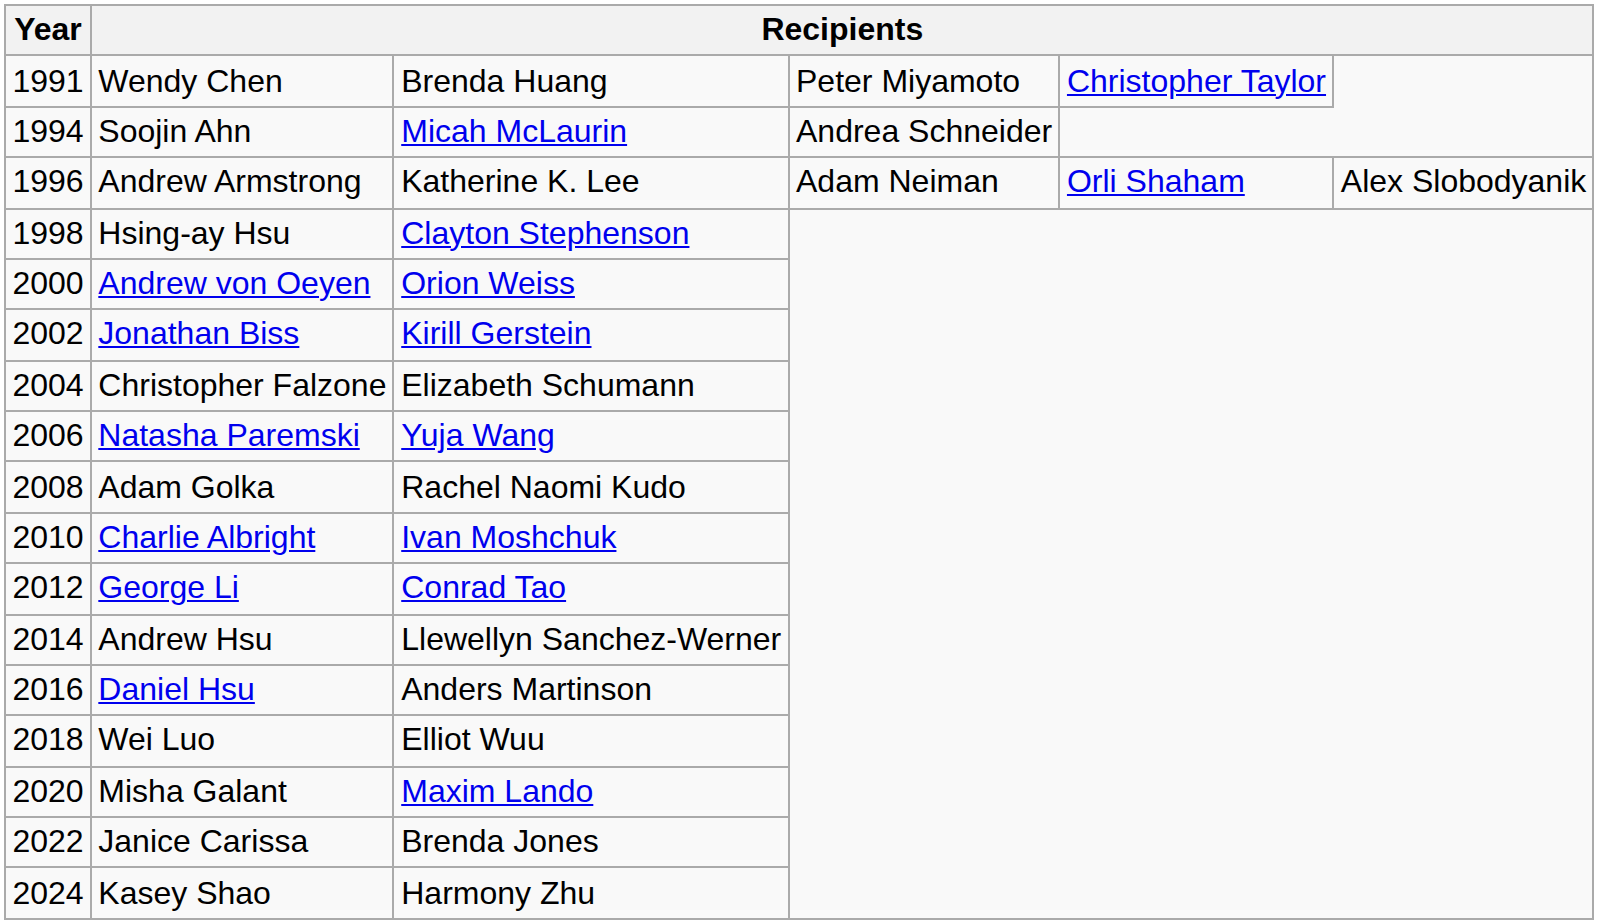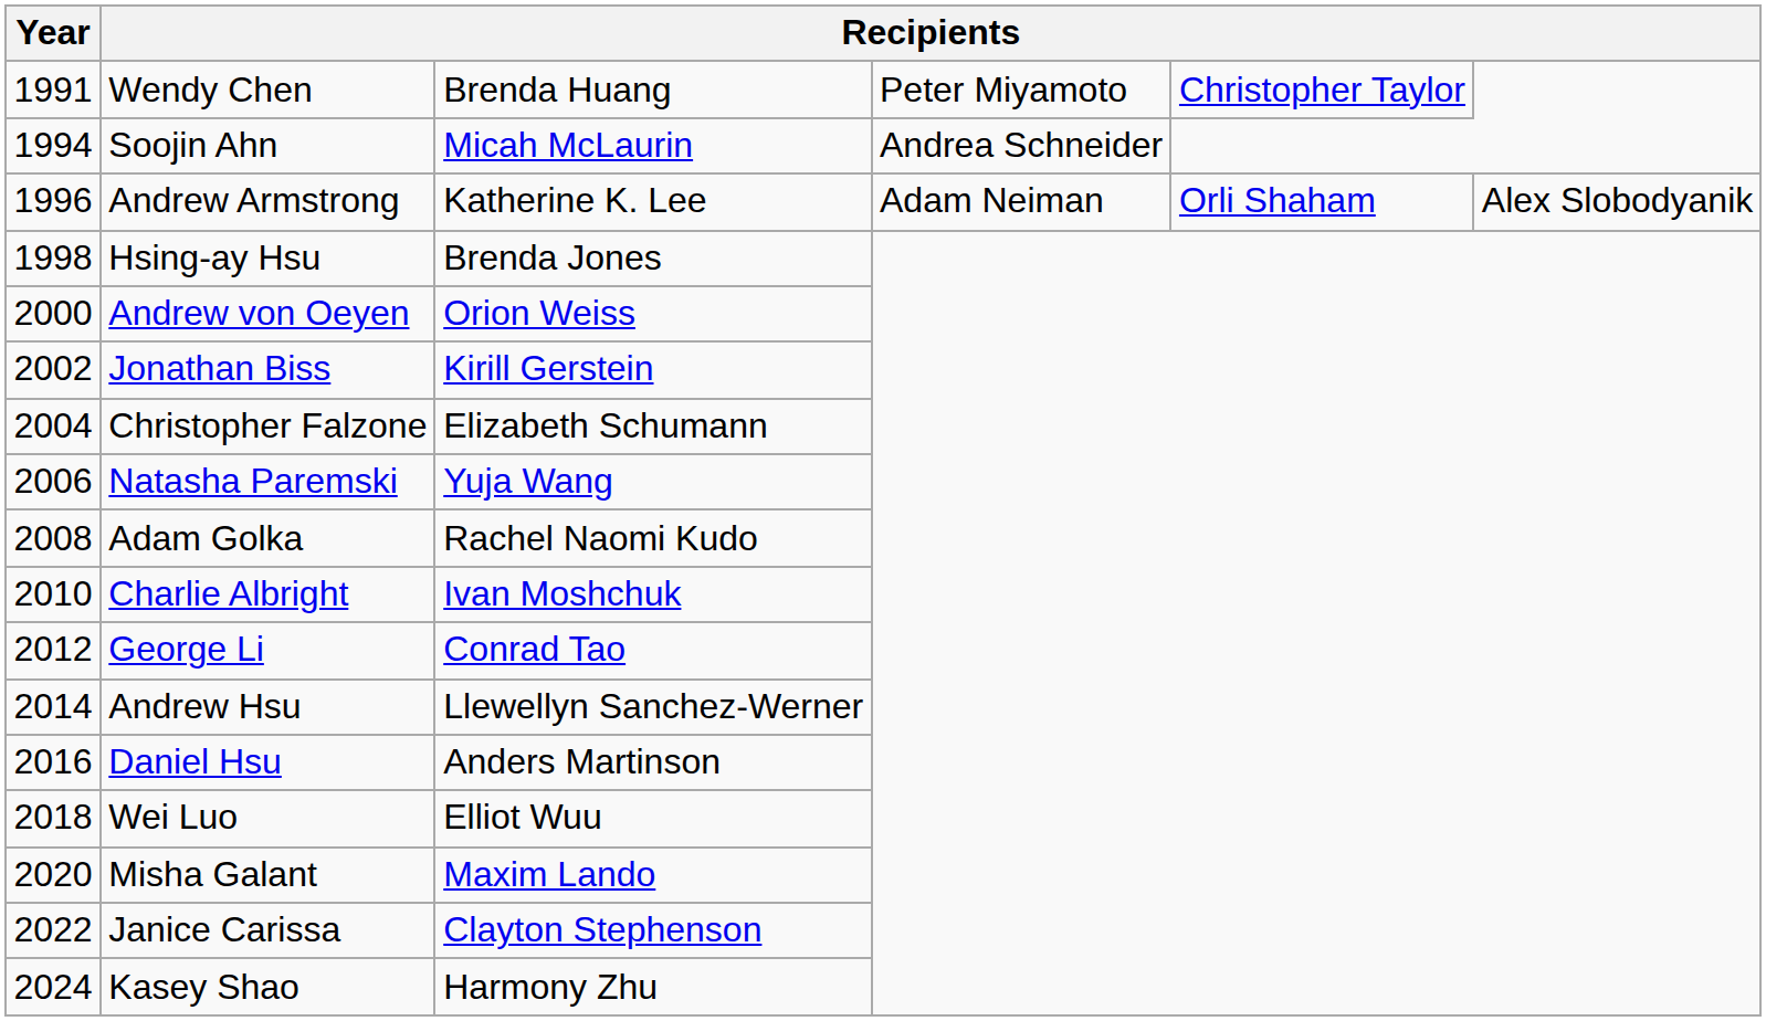 <table class="wikitable">
 <tr>
 <th>Year</th>
 <th colspan="5">Recipients</th>
 </tr>
 <tr>
 <td>1991</td>
 <td>Wendy Chen</td>
 <td>Brenda Huang</td>
 <td>Peter Miyamoto</td>
 <td><a href='#'>Christopher Taylor</a></td>
 </tr>
 <tr>
 <td>1994</td>
 <td>Soojin Ahn</td>
 <td><a href='#'>Micah McLaurin</a></td>
 <td>Andrea Schneider</td>
 </tr>
 <tr>
 <td>1996</td>
 <td>Andrew Armstrong</td>
 <td>Katherine K. Lee</td>
 <td>Adam Neiman</td>
 <td><a href='#'>Orli Shaham</a></td>
 <td>Alex Slobodyanik</td>
 </tr>
 <tr>
 <td>1998</td>
 <td>Hsing-ay Hsu</td>
-<td><a href='#'>Clayton Stephenson</a></td>
+<td>Brenda Jones</td>
 </tr>
 <tr>
 <td>2000</td>
 <td><a href='#'>Andrew von Oeyen</a></td>
 <td><a href='#'>Orion Weiss</a></td>
 </tr>
 <tr>
 <td>2002</td>
 <td><a href='#'>Jonathan Biss</a></td>
 <td><a href='#'>Kirill Gerstein</a></td>
 </tr>
 <tr>
 <td>2004</td>
 <td>Christopher Falzone</td>
 <td>Elizabeth Schumann</td>
 </tr>
 <tr>
 <td>2006</td>
 <td><a href='#'>Natasha Paremski</a></td>
 <td><a href='#'>Yuja Wang</a></td>
 </tr>
 <tr>
 <td>2008</td>
 <td>Adam Golka</td>
 <td>Rachel Naomi Kudo</td>
 </tr>
 <tr>
 <td>2010</td>
 <td><a href='#'>Charlie Albright</a></td>
 <td><a href='#'>Ivan Moshchuk</a></td>
 </tr>
 <tr>
 <td>2012</td>
 <td><a href='#'>George Li</a></td>
 <td><a href='#'>Conrad Tao</a></td>
 </tr>
 <tr>
 <td>2014</td>
 <td>Andrew Hsu</td>
 <td>Llewellyn Sanchez-Werner</td>
 </tr>
 <tr>
 <td>2016</td>
 <td><a href='#'>Daniel Hsu</a></td>
 <td>Anders Martinson</td>
 </tr>
 <tr>
 <td>2018</td>
 <td>Wei Luo</td>
 <td>Elliot Wuu</td>
 </tr>
 <tr>
 <td>2020</td>
 <td>Misha Galant</td>
 <td><a href='#'>Maxim Lando</a></td>
 </tr>
 <tr>
 <td>2022</td>
 <td>Janice Carissa</td>
-<td>Brenda Jones</td>
+<td><a href='#'>Clayton Stephenson</a></td>
 </tr>
 <tr>
 <td>2024</td>
 <td>Kasey Shao</td>
 <td>Harmony Zhu</td>
 </tr>
 </table>
